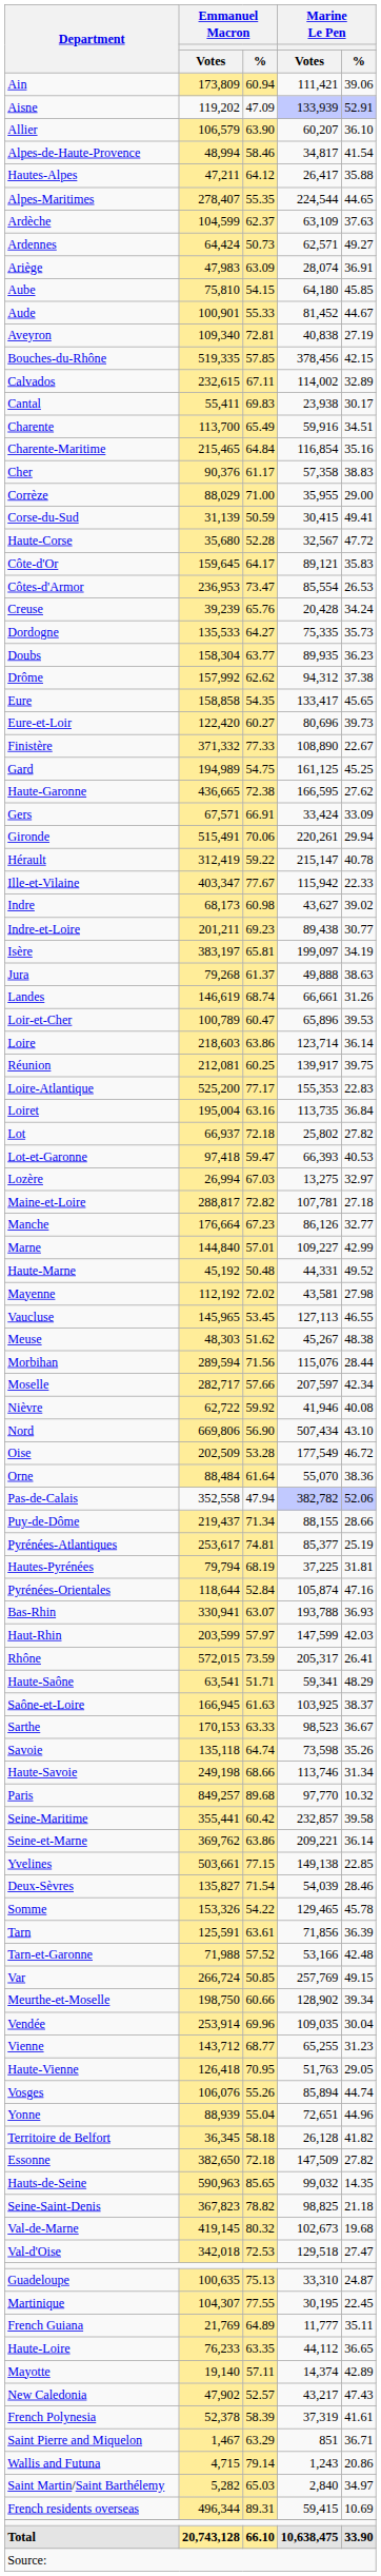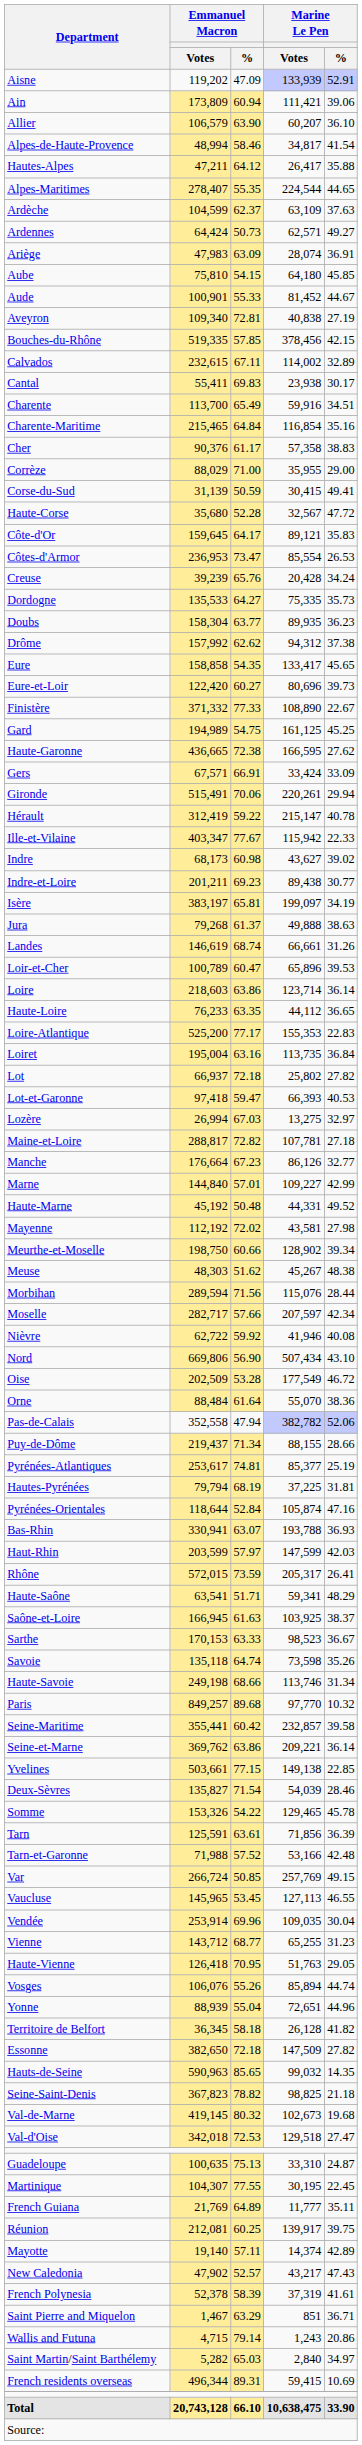 <table class="wikitable sortable collapsible collapsed tpl-blanktable" style="text-align:right; font-size:95%; line-height:20px">
 <tr>
 <th width="200" rowspan="3"><a href='#'>Department</a></th>
 <th width="110" colspan="2"><a href='#'>Emmanuel<br>Macron</a></th>
 <th width="110" colspan="2"><a href='#'>Marine<br>Le Pen</a></th>
 </tr>
 <tr>
 <th colspan="2" style="background:"></th>
 <th colspan="2" style="background:"></th>
 </tr>
 <tr>
 <th>Votes</th>
 <th>%</th>
 <th>Votes</th>
 <th>%</th>
 </tr>
 <tr>
+<td align="left"><a href='#'>Aisne</a></td>
+<td>119,202</td>
+<td>47.09</td>
+<td style="background:#C1C9FF;">133,939</td>
+<td style="background:#C1C9FF;">52.91</td>
+</tr>
+<tr>
 <td align="left"><a href='#'>Ain</a></td>
 <td style="background:#FFED99;">173,809</td>
 <td style="background:#FFED99;">60.94</td>
 <td>111,421</td>
 <td>39.06</td>
-</tr>
-<tr>
-<td align="left"><a href='#'>Aisne</a></td>
-<td>119,202</td>
-<td>47.09</td>
-<td style="background:#C1C9FF;">133,939</td>
-<td style="background:#C1C9FF;">52.91</td>
 </tr>
 <tr>
 <td align="left"><a href='#'>Allier</a></td>
 <td style="background:#FFED99;">106,579</td>
 <td style="background:#FFED99;">63.90</td>
 <td>60,207</td>
 <td>36.10</td>
 </tr>
 <tr>
 <td align="left"><a href='#'>Alpes-de-Haute-Provence</a></td>
 <td style="background:#FFED99;">48,994</td>
 <td style="background:#FFED99;">58.46</td>
 <td>34,817</td>
 <td>41.54</td>
 </tr>
 <tr>
 <td align="left"><a href='#'>Hautes-Alpes</a></td>
 <td style="background:#FFED99;">47,211</td>
 <td style="background:#FFED99;">64.12</td>
 <td>26,417</td>
 <td>35.88</td>
 </tr>
 <tr>
 <td align="left"><a href='#'>Alpes-Maritimes</a></td>
 <td style="background:#FFED99;">278,407</td>
 <td style="background:#FFED99;">55.35</td>
 <td>224,544</td>
 <td>44.65</td>
 </tr>
 <tr>
 <td align="left"><a href='#'>Ardèche</a></td>
 <td style="background:#FFED99;">104,599</td>
 <td style="background:#FFED99;">62.37</td>
 <td>63,109</td>
 <td>37.63</td>
 </tr>
 <tr>
 <td align="left"><a href='#'>Ardennes</a></td>
 <td style="background:#FFED99;">64,424</td>
 <td style="background:#FFED99;">50.73</td>
 <td>62,571</td>
 <td>49.27</td>
 </tr>
 <tr>
 <td align="left"><a href='#'>Ariège</a></td>
 <td style="background:#FFED99;">47,983</td>
 <td style="background:#FFED99;">63.09</td>
 <td>28,074</td>
 <td>36.91</td>
 </tr>
 <tr>
 <td align="left"><a href='#'>Aube</a></td>
 <td style="background:#FFED99;">75,810</td>
 <td style="background:#FFED99;">54.15</td>
 <td>64,180</td>
 <td>45.85</td>
 </tr>
 <tr>
 <td align="left"><a href='#'>Aude</a></td>
 <td style="background:#FFED99;">100,901</td>
 <td style="background:#FFED99;">55.33</td>
 <td>81,452</td>
 <td>44.67</td>
 </tr>
 <tr>
 <td align="left"><a href='#'>Aveyron</a></td>
 <td style="background:#FFED99;">109,340</td>
 <td style="background:#FFED99;">72.81</td>
 <td>40,838</td>
 <td>27.19</td>
 </tr>
 <tr>
 <td align="left"><a href='#'>Bouches-du-Rhône</a></td>
 <td style="background:#FFED99;">519,335</td>
 <td style="background:#FFED99;">57.85</td>
 <td>378,456</td>
 <td>42.15</td>
 </tr>
 <tr>
 <td align="left"><a href='#'>Calvados</a></td>
 <td style="background:#FFED99;">232,615</td>
 <td style="background:#FFED99;">67.11</td>
 <td>114,002</td>
 <td>32.89</td>
 </tr>
 <tr>
 <td align="left"><a href='#'>Cantal</a></td>
 <td style="background:#FFED99;">55,411</td>
 <td style="background:#FFED99;">69.83</td>
 <td>23,938</td>
 <td>30.17</td>
 </tr>
 <tr>
 <td align="left"><a href='#'>Charente</a></td>
 <td style="background:#FFED99;">113,700</td>
 <td style="background:#FFED99;">65.49</td>
 <td>59,916</td>
 <td>34.51</td>
 </tr>
 <tr>
 <td align="left"><a href='#'>Charente-Maritime</a></td>
 <td style="background:#FFED99;">215,465</td>
 <td style="background:#FFED99;">64.84</td>
 <td>116,854</td>
 <td>35.16</td>
 </tr>
 <tr>
 <td align="left"><a href='#'>Cher</a></td>
 <td style="background:#FFED99;">90,376</td>
 <td style="background:#FFED99;">61.17</td>
 <td>57,358</td>
 <td>38.83</td>
 </tr>
 <tr>
 <td align="left"><a href='#'>Corrèze</a></td>
 <td style="background:#FFED99;">88,029</td>
 <td style="background:#FFED99;">71.00</td>
 <td>35,955</td>
 <td>29.00</td>
 </tr>
 <tr>
 <td align="left"><a href='#'>Corse-du-Sud</a></td>
 <td style="background:#FFED99;">31,139</td>
 <td style="background:#FFED99;">50.59</td>
 <td>30,415</td>
 <td>49.41</td>
 </tr>
 <tr>
 <td align="left"><a href='#'>Haute-Corse</a></td>
 <td style="background:#FFED99;">35,680</td>
 <td style="background:#FFED99;">52.28</td>
 <td>32,567</td>
 <td>47.72</td>
 </tr>
 <tr>
 <td align="left"><a href='#'>Côte-d'Or</a></td>
 <td style="background:#FFED99;">159,645</td>
 <td style="background:#FFED99;">64.17</td>
 <td>89,121</td>
 <td>35.83</td>
 </tr>
 <tr>
 <td align="left"><a href='#'>Côtes-d'Armor</a></td>
 <td style="background:#FFED99;">236,953</td>
 <td style="background:#FFED99;">73.47</td>
 <td>85,554</td>
 <td>26.53</td>
 </tr>
 <tr>
 <td align="left"><a href='#'>Creuse</a></td>
 <td style="background:#FFED99;">39,239</td>
 <td style="background:#FFED99;">65.76</td>
 <td>20,428</td>
 <td>34.24</td>
 </tr>
 <tr>
 <td align="left"><a href='#'>Dordogne</a></td>
 <td style="background:#FFED99;">135,533</td>
 <td style="background:#FFED99;">64.27</td>
 <td>75,335</td>
 <td>35.73</td>
 </tr>
 <tr>
 <td align="left"><a href='#'>Doubs</a></td>
 <td style="background:#FFED99;">158,304</td>
 <td style="background:#FFED99;">63.77</td>
 <td>89,935</td>
 <td>36.23</td>
 </tr>
 <tr>
 <td align="left"><a href='#'>Drôme</a></td>
 <td style="background:#FFED99;">157,992</td>
 <td style="background:#FFED99;">62.62</td>
 <td>94,312</td>
 <td>37.38</td>
 </tr>
 <tr>
 <td align="left"><a href='#'>Eure</a></td>
 <td style="background:#FFED99;">158,858</td>
 <td style="background:#FFED99;">54.35</td>
 <td>133,417</td>
 <td>45.65</td>
 </tr>
 <tr>
 <td align="left"><a href='#'>Eure-et-Loir</a></td>
 <td style="background:#FFED99;">122,420</td>
 <td style="background:#FFED99;">60.27</td>
 <td>80,696</td>
 <td>39.73</td>
 </tr>
 <tr>
 <td align="left"><a href='#'>Finistère</a></td>
 <td style="background:#FFED99;">371,332</td>
 <td style="background:#FFED99;">77.33</td>
 <td>108,890</td>
 <td>22.67</td>
 </tr>
 <tr>
 <td align="left"><a href='#'>Gard</a></td>
 <td style="background:#FFED99;">194,989</td>
 <td style="background:#FFED99;">54.75</td>
 <td>161,125</td>
 <td>45.25</td>
 </tr>
 <tr>
 <td align="left"><a href='#'>Haute-Garonne</a></td>
 <td style="background:#FFED99;">436,665</td>
 <td style="background:#FFED99;">72.38</td>
 <td>166,595</td>
 <td>27.62</td>
 </tr>
 <tr>
 <td align="left"><a href='#'>Gers</a></td>
 <td style="background:#FFED99;">67,571</td>
 <td style="background:#FFED99;">66.91</td>
 <td>33,424</td>
 <td>33.09</td>
 </tr>
 <tr>
 <td align="left"><a href='#'>Gironde</a></td>
 <td style="background:#FFED99;">515,491</td>
 <td style="background:#FFED99;">70.06</td>
 <td>220,261</td>
 <td>29.94</td>
 </tr>
 <tr>
 <td align="left"><a href='#'>Hérault</a></td>
 <td style="background:#FFED99;">312,419</td>
 <td style="background:#FFED99;">59.22</td>
 <td>215,147</td>
 <td>40.78</td>
 </tr>
 <tr>
 <td align="left"><a href='#'>Ille-et-Vilaine</a></td>
 <td style="background:#FFED99;">403,347</td>
 <td style="background:#FFED99;">77.67</td>
 <td>115,942</td>
 <td>22.33</td>
 </tr>
 <tr>
 <td align="left"><a href='#'>Indre</a></td>
 <td style="background:#FFED99;">68,173</td>
 <td style="background:#FFED99;">60.98</td>
 <td>43,627</td>
 <td>39.02</td>
 </tr>
 <tr>
 <td align="left"><a href='#'>Indre-et-Loire</a></td>
 <td style="background:#FFED99;">201,211</td>
 <td style="background:#FFED99;">69.23</td>
 <td>89,438</td>
 <td>30.77</td>
 </tr>
 <tr>
 <td align="left"><a href='#'>Isère</a></td>
 <td style="background:#FFED99;">383,197</td>
 <td style="background:#FFED99;">65.81</td>
 <td>199,097</td>
 <td>34.19</td>
 </tr>
 <tr>
 <td align="left"><a href='#'>Jura</a></td>
 <td style="background:#FFED99;">79,268</td>
 <td style="background:#FFED99;">61.37</td>
 <td>49,888</td>
 <td>38.63</td>
 </tr>
 <tr>
 <td align="left"><a href='#'>Landes</a></td>
 <td style="background:#FFED99;">146,619</td>
 <td style="background:#FFED99;">68.74</td>
 <td>66,661</td>
 <td>31.26</td>
 </tr>
 <tr>
 <td align="left"><a href='#'>Loir-et-Cher</a></td>
 <td style="background:#FFED99;">100,789</td>
 <td style="background:#FFED99;">60.47</td>
 <td>65,896</td>
 <td>39.53</td>
 </tr>
 <tr>
 <td align="left"><a href='#'>Loire</a></td>
 <td style="background:#FFED99;">218,603</td>
 <td style="background:#FFED99;">63.86</td>
 <td>123,714</td>
 <td>36.14</td>
 </tr>
 <tr>
-<td align="left"><a href='#'>Réunion</a></td>
-<td style="background:#FFED99;">212,081</td>
-<td style="background:#FFED99;">60.25</td>
-<td>139,917</td>
-<td>39.75</td>
+<td align="left"><a href='#'>Haute-Loire</a></td>
+<td style="background:#FFED99;">76,233</td>
+<td style="background:#FFED99;">63.35</td>
+<td>44,112</td>
+<td>36.65</td>
 </tr>
 <tr>
 <td align="left"><a href='#'>Loire-Atlantique</a></td>
 <td style="background:#FFED99;">525,200</td>
 <td style="background:#FFED99;">77.17</td>
 <td>155,353</td>
 <td>22.83</td>
 </tr>
 <tr>
 <td align="left"><a href='#'>Loiret</a></td>
 <td style="background:#FFED99;">195,004</td>
 <td style="background:#FFED99;">63.16</td>
 <td>113,735</td>
 <td>36.84</td>
 </tr>
 <tr>
 <td align="left"><a href='#'>Lot</a></td>
 <td style="background:#FFED99;">66,937</td>
 <td style="background:#FFED99;">72.18</td>
 <td>25,802</td>
 <td>27.82</td>
 </tr>
 <tr>
 <td align="left"><a href='#'>Lot-et-Garonne</a></td>
 <td style="background:#FFED99;">97,418</td>
 <td style="background:#FFED99;">59.47</td>
 <td>66,393</td>
 <td>40.53</td>
 </tr>
 <tr>
 <td align="left"><a href='#'>Lozère</a></td>
 <td style="background:#FFED99;">26,994</td>
 <td style="background:#FFED99;">67.03</td>
 <td>13,275</td>
 <td>32.97</td>
 </tr>
 <tr>
 <td align="left"><a href='#'>Maine-et-Loire</a></td>
 <td style="background:#FFED99;">288,817</td>
 <td style="background:#FFED99;">72.82</td>
 <td>107,781</td>
 <td>27.18</td>
 </tr>
 <tr>
 <td align="left"><a href='#'>Manche</a></td>
 <td style="background:#FFED99;">176,664</td>
 <td style="background:#FFED99;">67.23</td>
 <td>86,126</td>
 <td>32.77</td>
 </tr>
 <tr>
 <td align="left"><a href='#'>Marne</a></td>
 <td style="background:#FFED99;">144,840</td>
 <td style="background:#FFED99;">57.01</td>
 <td>109,227</td>
 <td>42.99</td>
 </tr>
 <tr>
 <td align="left"><a href='#'>Haute-Marne</a></td>
 <td style="background:#FFED99;">45,192</td>
 <td style="background:#FFED99;">50.48</td>
 <td>44,331</td>
 <td>49.52</td>
 </tr>
 <tr>
 <td align="left"><a href='#'>Mayenne</a></td>
 <td style="background:#FFED99;">112,192</td>
 <td style="background:#FFED99;">72.02</td>
 <td>43,581</td>
 <td>27.98</td>
 </tr>
 <tr>
-<td align="left"><a href='#'>Vaucluse</a></td>
-<td style="background:#FFED99;">145,965</td>
-<td style="background:#FFED99;">53.45</td>
-<td>127,113</td>
-<td>46.55</td>
+<td align="left"><a href='#'>Meurthe-et-Moselle</a></td>
+<td style="background:#FFED99;">198,750</td>
+<td style="background:#FFED99;">60.66</td>
+<td>128,902</td>
+<td>39.34</td>
 </tr>
 <tr>
 <td align="left"><a href='#'>Meuse</a></td>
 <td style="background:#FFED99;">48,303</td>
 <td style="background:#FFED99;">51.62</td>
 <td>45,267</td>
 <td>48.38</td>
 </tr>
 <tr>
 <td align="left"><a href='#'>Morbihan</a></td>
 <td style="background:#FFED99;">289,594</td>
 <td style="background:#FFED99;">71.56</td>
 <td>115,076</td>
 <td>28.44</td>
 </tr>
 <tr>
 <td align="left"><a href='#'>Moselle</a></td>
 <td style="background:#FFED99;">282,717</td>
 <td style="background:#FFED99;">57.66</td>
 <td>207,597</td>
 <td>42.34</td>
 </tr>
 <tr>
 <td align="left"><a href='#'>Nièvre</a></td>
 <td style="background:#FFED99;">62,722</td>
 <td style="background:#FFED99;">59.92</td>
 <td>41,946</td>
 <td>40.08</td>
 </tr>
 <tr>
 <td align="left"><a href='#'>Nord</a></td>
 <td style="background:#FFED99;">669,806</td>
 <td style="background:#FFED99;">56.90</td>
 <td>507,434</td>
 <td>43.10</td>
 </tr>
 <tr>
 <td align="left"><a href='#'>Oise</a></td>
 <td style="background:#FFED99;">202,509</td>
 <td style="background:#FFED99;">53.28</td>
 <td>177,549</td>
 <td>46.72</td>
 </tr>
 <tr>
 <td align="left"><a href='#'>Orne</a></td>
 <td style="background:#FFED99;">88,484</td>
 <td style="background:#FFED99;">61.64</td>
 <td>55,070</td>
 <td>38.36</td>
 </tr>
 <tr>
 <td align="left"><a href='#'>Pas-de-Calais</a></td>
 <td>352,558</td>
 <td>47.94</td>
 <td style="background:#C1C9FF;">382,782</td>
 <td style="background:#C1C9FF;">52.06</td>
 </tr>
 <tr>
 <td align="left"><a href='#'>Puy-de-Dôme</a></td>
 <td style="background:#FFED99;">219,437</td>
 <td style="background:#FFED99;">71.34</td>
 <td>88,155</td>
 <td>28.66</td>
 </tr>
 <tr>
 <td align="left"><a href='#'>Pyrénées-Atlantiques</a></td>
 <td style="background:#FFED99;">253,617</td>
 <td style="background:#FFED99;">74.81</td>
 <td>85,377</td>
 <td>25.19</td>
 </tr>
 <tr>
 <td align="left"><a href='#'>Hautes-Pyrénées</a></td>
 <td style="background:#FFED99;">79,794</td>
 <td style="background:#FFED99;">68.19</td>
 <td>37,225</td>
 <td>31.81</td>
 </tr>
 <tr>
 <td align="left"><a href='#'>Pyrénées-Orientales</a></td>
 <td style="background:#FFED99;">118,644</td>
 <td style="background:#FFED99;">52.84</td>
 <td>105,874</td>
 <td>47.16</td>
 </tr>
 <tr>
 <td align="left"><a href='#'>Bas-Rhin</a></td>
 <td style="background:#FFED99;">330,941</td>
 <td style="background:#FFED99;">63.07</td>
 <td>193,788</td>
 <td>36.93</td>
 </tr>
 <tr>
 <td align="left"><a href='#'>Haut-Rhin</a></td>
 <td style="background:#FFED99;">203,599</td>
 <td style="background:#FFED99;">57.97</td>
 <td>147,599</td>
 <td>42.03</td>
 </tr>
 <tr>
 <td align="left"><a href='#'>Rhône</a></td>
 <td style="background:#FFED99;">572,015</td>
 <td style="background:#FFED99;">73.59</td>
 <td>205,317</td>
 <td>26.41</td>
 </tr>
 <tr>
 <td align="left"><a href='#'>Haute-Saône</a></td>
 <td style="background:#FFED99;">63,541</td>
 <td style="background:#FFED99;">51.71</td>
 <td>59,341</td>
 <td>48.29</td>
 </tr>
 <tr>
 <td align="left"><a href='#'>Saône-et-Loire</a></td>
 <td style="background:#FFED99;">166,945</td>
 <td style="background:#FFED99;">61.63</td>
 <td>103,925</td>
 <td>38.37</td>
 </tr>
 <tr>
 <td align="left"><a href='#'>Sarthe</a></td>
 <td style="background:#FFED99;">170,153</td>
 <td style="background:#FFED99;">63.33</td>
 <td>98,523</td>
 <td>36.67</td>
 </tr>
 <tr>
 <td align="left"><a href='#'>Savoie</a></td>
 <td style="background:#FFED99;">135,118</td>
 <td style="background:#FFED99;">64.74</td>
 <td>73,598</td>
 <td>35.26</td>
 </tr>
 <tr>
 <td align="left"><a href='#'>Haute-Savoie</a></td>
 <td style="background:#FFED99;">249,198</td>
 <td style="background:#FFED99;">68.66</td>
 <td>113,746</td>
 <td>31.34</td>
 </tr>
 <tr>
 <td align="left"><a href='#'>Paris</a></td>
 <td style="background:#FFED99;">849,257</td>
 <td style="background:#FFED99;">89.68</td>
 <td>97,770</td>
 <td>10.32</td>
 </tr>
 <tr>
 <td align="left"><a href='#'>Seine-Maritime</a></td>
 <td style="background:#FFED99;">355,441</td>
 <td style="background:#FFED99;">60.42</td>
 <td>232,857</td>
 <td>39.58</td>
 </tr>
 <tr>
 <td align="left"><a href='#'>Seine-et-Marne</a></td>
 <td style="background:#FFED99;">369,762</td>
 <td style="background:#FFED99;">63.86</td>
 <td>209,221</td>
 <td>36.14</td>
 </tr>
 <tr>
 <td align="left"><a href='#'>Yvelines</a></td>
 <td style="background:#FFED99;">503,661</td>
 <td style="background:#FFED99;">77.15</td>
 <td>149,138</td>
 <td>22.85</td>
 </tr>
 <tr>
 <td align="left"><a href='#'>Deux-Sèvres</a></td>
 <td style="background:#FFED99;">135,827</td>
 <td style="background:#FFED99;">71.54</td>
 <td>54,039</td>
 <td>28.46</td>
 </tr>
 <tr>
 <td align="left"><a href='#'>Somme</a></td>
 <td style="background:#FFED99;">153,326</td>
 <td style="background:#FFED99;">54.22</td>
 <td>129,465</td>
 <td>45.78</td>
 </tr>
 <tr>
 <td align="left"><a href='#'>Tarn</a></td>
 <td style="background:#FFED99;">125,591</td>
 <td style="background:#FFED99;">63.61</td>
 <td>71,856</td>
 <td>36.39</td>
 </tr>
 <tr>
 <td align="left"><a href='#'>Tarn-et-Garonne</a></td>
 <td style="background:#FFED99;">71,988</td>
 <td style="background:#FFED99;">57.52</td>
 <td>53,166</td>
 <td>42.48</td>
 </tr>
 <tr>
 <td align="left"><a href='#'>Var</a></td>
 <td style="background:#FFED99;">266,724</td>
 <td style="background:#FFED99;">50.85</td>
 <td>257,769</td>
 <td>49.15</td>
 </tr>
 <tr>
-<td align="left"><a href='#'>Meurthe-et-Moselle</a></td>
-<td style="background:#FFED99;">198,750</td>
-<td style="background:#FFED99;">60.66</td>
-<td>128,902</td>
-<td>39.34</td>
+<td align="left"><a href='#'>Vaucluse</a></td>
+<td style="background:#FFED99;">145,965</td>
+<td style="background:#FFED99;">53.45</td>
+<td>127,113</td>
+<td>46.55</td>
 </tr>
 <tr>
 <td align="left"><a href='#'>Vendée</a></td>
 <td style="background:#FFED99;">253,914</td>
 <td style="background:#FFED99;">69.96</td>
 <td>109,035</td>
 <td>30.04</td>
 </tr>
 <tr>
 <td align="left"><a href='#'>Vienne</a></td>
 <td style="background:#FFED99;">143,712</td>
 <td style="background:#FFED99;">68.77</td>
 <td>65,255</td>
 <td>31.23</td>
 </tr>
 <tr>
 <td align="left"><a href='#'>Haute-Vienne</a></td>
 <td style="background:#FFED99;">126,418</td>
 <td style="background:#FFED99;">70.95</td>
 <td>51,763</td>
 <td>29.05</td>
 </tr>
 <tr>
 <td align="left"><a href='#'>Vosges</a></td>
 <td style="background:#FFED99;">106,076</td>
 <td style="background:#FFED99;">55.26</td>
 <td>85,894</td>
 <td>44.74</td>
 </tr>
 <tr>
 <td align="left"><a href='#'>Yonne</a></td>
 <td style="background:#FFED99;">88,939</td>
 <td style="background:#FFED99;">55.04</td>
 <td>72,651</td>
 <td>44.96</td>
 </tr>
 <tr>
 <td align="left"><a href='#'>Territoire de Belfort</a></td>
 <td style="background:#FFED99;">36,345</td>
 <td style="background:#FFED99;">58.18</td>
 <td>26,128</td>
 <td>41.82</td>
 </tr>
 <tr>
 <td align="left"><a href='#'>Essonne</a></td>
 <td style="background:#FFED99;">382,650</td>
 <td style="background:#FFED99;">72.18</td>
 <td>147,509</td>
 <td>27.82</td>
 </tr>
 <tr>
 <td align="left"><a href='#'>Hauts-de-Seine</a></td>
 <td style="background:#FFED99;">590,963</td>
 <td style="background:#FFED99;">85.65</td>
 <td>99,032</td>
 <td>14.35</td>
 </tr>
 <tr>
 <td align="left"><a href='#'>Seine-Saint-Denis</a></td>
 <td style="background:#FFED99;">367,823</td>
 <td style="background:#FFED99;">78.82</td>
 <td>98,825</td>
 <td>21.18</td>
 </tr>
 <tr>
 <td align="left"><a href='#'>Val-de-Marne</a></td>
 <td style="background:#FFED99;">419,145</td>
 <td style="background:#FFED99;">80.32</td>
 <td>102,673</td>
 <td>19.68</td>
 </tr>
 <tr>
 <td align="left"><a href='#'>Val-d'Oise</a></td>
 <td style="background:#FFED99;">342,018</td>
 <td style="background:#FFED99;">72.53</td>
 <td>129,518</td>
 <td>27.47</td>
 </tr>
 <tr class="sortbottom">
 <td colspan="5"></td>
 </tr>
 <tr>
 <td align="left"><a href='#'>Guadeloupe</a></td>
 <td style="background:#FFED99;">100,635</td>
 <td style="background:#FFED99;">75.13</td>
 <td>33,310</td>
 <td>24.87</td>
 </tr>
 <tr>
 <td align="left"><a href='#'>Martinique</a></td>
 <td style="background:#FFED99;">104,307</td>
 <td style="background:#FFED99;">77.55</td>
 <td>30,195</td>
 <td>22.45</td>
 </tr>
 <tr>
 <td align="left"><a href='#'>French Guiana</a></td>
 <td style="background:#FFED99;">21,769</td>
 <td style="background:#FFED99;">64.89</td>
 <td>11,777</td>
 <td>35.11</td>
 </tr>
 <tr>
-<td align="left"><a href='#'>Haute-Loire</a></td>
-<td style="background:#FFED99;">76,233</td>
-<td style="background:#FFED99;">63.35</td>
-<td>44,112</td>
-<td>36.65</td>
+<td align="left"><a href='#'>Réunion</a></td>
+<td style="background:#FFED99;">212,081</td>
+<td style="background:#FFED99;">60.25</td>
+<td>139,917</td>
+<td>39.75</td>
 </tr>
 <tr>
 <td align="left"><a href='#'>Mayotte</a></td>
 <td style="background:#FFED99;">19,140</td>
 <td style="background:#FFED99;">57.11</td>
 <td>14,374</td>
 <td>42.89</td>
 </tr>
 <tr>
 <td align="left"><a href='#'>New Caledonia</a></td>
 <td style="background:#FFED99;">47,902</td>
 <td style="background:#FFED99;">52.57</td>
 <td>43,217</td>
 <td>47.43</td>
 </tr>
 <tr>
 <td align="left"><a href='#'>French Polynesia</a></td>
 <td style="background:#FFED99;">52,378</td>
 <td style="background:#FFED99;">58.39</td>
 <td>37,319</td>
 <td>41.61</td>
 </tr>
 <tr>
 <td align="left"><a href='#'>Saint Pierre and Miquelon</a></td>
 <td style="background:#FFED99;">1,467</td>
 <td style="background:#FFED99;">63.29</td>
 <td>851</td>
 <td>36.71</td>
 </tr>
 <tr>
 <td align="left"><a href='#'>Wallis and Futuna</a></td>
 <td style="background:#FFED99;">4,715</td>
 <td style="background:#FFED99;">79.14</td>
 <td>1,243</td>
 <td>20.86</td>
 </tr>
 <tr>
 <td align="left"><a href='#'>Saint Martin</a>/<a href='#'>Saint Barthélemy</a></td>
 <td style="background:#FFED99;">5,282</td>
 <td style="background:#FFED99;">65.03</td>
 <td>2,840</td>
 <td>34.97</td>
 </tr>
 <tr>
 <td align="left"><a href='#'>French residents overseas</a></td>
 <td style="background:#FFED99;">496,344</td>
 <td style="background:#FFED99;">89.31</td>
 <td>59,415</td>
 <td>10.69</td>
 </tr>
 <tr>
 </tr>
 <tr class="sortbottom">
 <td colspan="5"></td>
 </tr>
 <tr style="font-weight:bold; background:#E4E4E4;">
 <td align="left">Total</td>
 <td style="background:#FFED99;">20,743,128</td>
 <td style="background:#FFED99;">66.10</td>
 <td>10,638,475</td>
 <td>33.90</td>
 </tr>
 <tr class="sortbottom">
 <td colspan="5" style="text-align:left;">Source: </td>
 </tr>
 </table>
